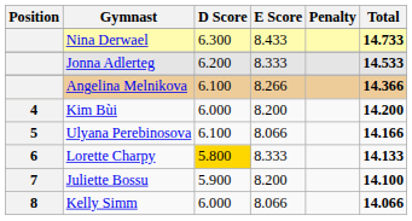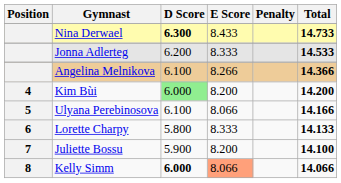 <table class="wikitable sortable">
 <tr>
 <th>Position</th>
 <th>Gymnast</th>
 <th>D Score</th>
 <th>E Score</th>
 <th>Penalty</th>
 <th>Total</th>
 </tr>
 <tr>
 </tr>
 <tr style="background:#fffcaf;">
 <th scope="row" style="text-align:center"></th>
 <td> <a href='#'>Nina Derwael</a></td>
-<td>6.300</td>
+<td><strong>6.300</strong></td>
 <td>8.433</td>
 <td></td>
 <td><strong>14.733</strong></td>
 </tr>
 <tr>
 </tr>
 <tr style="background:#e5e5e5;">
 <th scope="row" style="text-align:center"></th>
 <td> <a href='#'>Jonna Adlerteg</a></td>
 <td>6.200</td>
 <td>8.333</td>
 <td></td>
 <td><strong>14.533</strong></td>
 </tr>
 <tr>
 </tr>
 <tr style="background:#ec9;">
 <th scope="row" style="text-align:center"></th>
 <td> <a href='#'>Angelina Melnikova</a></td>
 <td>6.100</td>
 <td>8.266</td>
 <td></td>
 <td><strong>14.366</strong></td>
 </tr>
 <tr>
 <th>4</th>
 <td> <a href='#'>Kim Bùi</a></td>
-<td>6.000</td>
+<td style="background: lightgreen;">6.000</td>
 <td>8.200</td>
 <td></td>
 <td><strong>14.200</strong></td>
 </tr>
 <tr>
 <th>5</th>
 <td> <a href='#'>Ulyana Perebinosova</a></td>
 <td>6.100</td>
 <td>8.066</td>
 <td></td>
 <td><strong>14.166</strong></td>
 </tr>
 <tr>
 <th>6</th>
 <td> <a href='#'>Lorette Charpy</a></td>
-<td style="background: gold;">5.800</td>
+<td>5.800</td>
 <td>8.333</td>
 <td></td>
 <td><strong>14.133</strong></td>
 </tr>
 <tr>
 <th>7</th>
 <td> <a href='#'>Juliette Bossu</a></td>
 <td>5.900</td>
 <td>8.200</td>
 <td></td>
 <td><strong>14.100</strong></td>
 </tr>
 <tr>
 <th>8</th>
 <td> <a href='#'>Kelly Simm</a></td>
-<td>6.000</td>
-<td>8.066</td>
+<td><strong>6.000</strong></td>
+<td style="background: lightsalmon;">8.066</td>
 <td></td>
 <td><strong>14.066</strong></td>
 </tr>
 </table>
